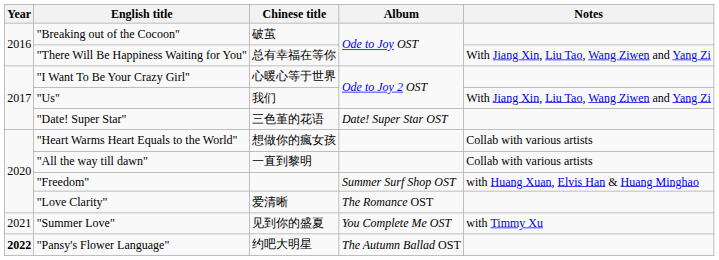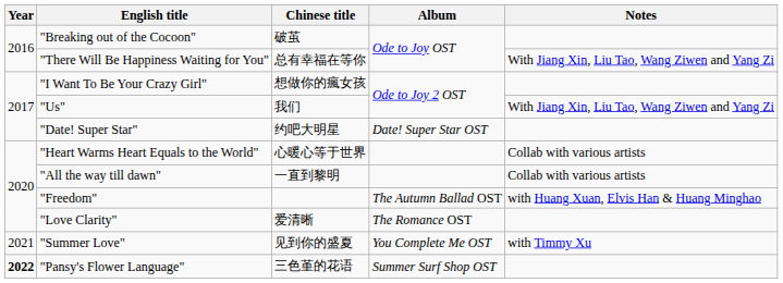 <table class="wikitable">
 <tr>
 <th width=10>Year</th>
 <th>English title</th>
 <th>Chinese title</th>
 <th>Album</th>
 <th>Notes</th>
 </tr>
 <tr>
 <td rowspan=2>2016</td>
 <td>"Breaking out of the Cocoon"</td>
 <td>破茧</td>
 <td rowspan=2><em><a href='#'>Ode to Joy</a> OST</em></td>
 <td></td>
 </tr>
 <tr>
 <td>"There Will Be Happiness Waiting for You"</td>
 <td>总有幸福在等你</td>
 <td>With <a href='#'>Jiang Xin</a>, <a href='#'>Liu Tao</a>, <a href='#'>Wang Ziwen</a> and <a href='#'>Yang Zi</a></td>
 </tr>
 <tr>
 <td rowspan=3>2017</td>
 <td>"I Want To Be Your Crazy Girl"</td>
-<td>心暖心等于世界</td>
+<td>想做你的瘋女孩</td>
 <td rowspan=2><em><a href='#'>Ode to Joy 2</a> OST</em></td>
 <td></td>
 </tr>
 <tr>
 <td>"Us"</td>
 <td>我们</td>
 <td>With <a href='#'>Jiang Xin</a>, <a href='#'>Liu Tao</a>, <a href='#'>Wang Ziwen</a> and <a href='#'>Yang Zi</a></td>
 </tr>
 <tr>
 <td>"Date! Super Star"</td>
-<td>三色堇的花语</td>
+<td>约吧大明星</td>
 <td><em>Date! Super Star OST</em></td>
 <td></td>
 </tr>
 <tr>
 <td rowspan=4>2020</td>
 <td>"Heart Warms Heart Equals to the World"</td>
-<td>想做你的瘋女孩</td>
+<td>心暖心等于世界</td>
 <td></td>
 <td>Collab with various artists<br></td>
 </tr>
 <tr>
 <td>"All the way till dawn"</td>
 <td>一直到黎明</td>
 <td></td>
 <td>Collab with various artists</td>
 </tr>
 <tr>
 <td>"Freedom"</td>
 <td></td>
-<td><em>Summer Surf Shop OST</em></td>
+<td><em>The Autumn Ballad</em> OST</td>
 <td>with <a href='#'>Huang Xuan</a>, <a href='#'>Elvis Han</a> & <a href='#'>Huang Minghao</a></td>
 </tr>
 <tr>
 <td>"Love Clarity"</td>
 <td>爱清晰</td>
 <td><em>The Romance</em> OST</td>
 <td></td>
 </tr>
 <tr>
 <td rowspan=1>2021</td>
 <td>"Summer Love"</td>
 <td>见到你的盛夏</td>
 <td><em>You Complete Me OST</em></td>
 <td>with <a href='#'>Timmy Xu</a></td>
 </tr>
 <tr>
 <td rowspan=1><strong>2022</strong></td>
 <td>"Pansy's Flower Language"</td>
-<td>约吧大明星</td>
-<td><em>The Autumn Ballad</em> OST</td>
+<td>三色堇的花语</td>
+<td><em>Summer Surf Shop OST</em></td>
 <td></td>
 </tr>
 </table>
